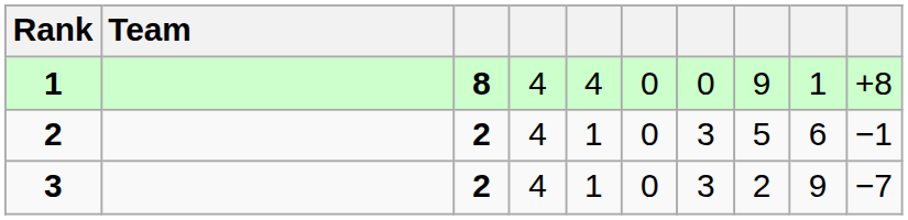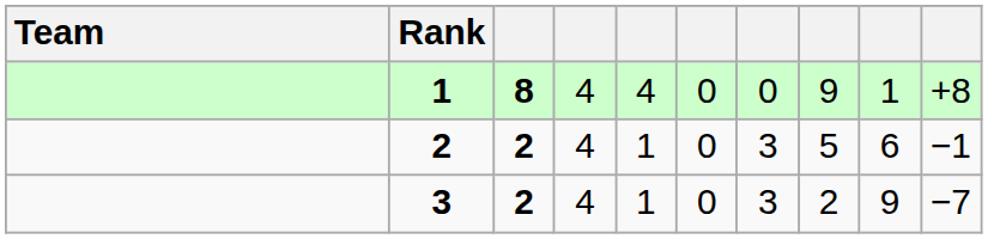 <table class="wikitable" style="text-align: center;">
 <tr>
+<th width=165 style="text-align:left;">Team</th>
 <th width=30>Rank</th>
-<th width=165 style="text-align:left;">Team</th>
 <th width=20></th>
 <th width=20></th>
 <th width=20></th>
 <th width=20></th>
 <th width=20></th>
 <th width=20></th>
 <th width=20></th>
 <th width=20></th>
 </tr>
 <tr style="background:#ccffcc;">
+<td style="text-align:left;"></td>
 <td><strong>1</strong></td>
-<td style="text-align:left;"></td>
 <td><strong>8</strong></td>
 <td>4</td>
 <td>4</td>
 <td>0</td>
 <td>0</td>
 <td>9</td>
 <td>1</td>
 <td>+8</td>
 </tr>
 <tr>
+<td style="text-align:left;"></td>
 <td><strong>2</strong></td>
-<td style="text-align:left;"></td>
 <td><strong>2</strong></td>
 <td>4</td>
 <td>1</td>
 <td>0</td>
 <td>3</td>
 <td>5</td>
 <td>6</td>
 <td>−1</td>
 </tr>
 <tr>
+<td style="text-align:left;"></td>
 <td><strong>3</strong></td>
-<td style="text-align:left;"></td>
 <td><strong>2</strong></td>
 <td>4</td>
 <td>1</td>
 <td>0</td>
 <td>3</td>
 <td>2</td>
 <td>9</td>
 <td>−7</td>
 </tr>
 </table>
